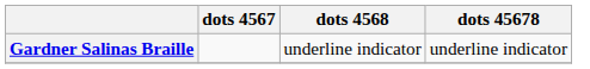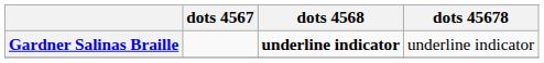 <table class="wikitable">
 <tr>
 <th></th>
 <th>dots 4567</th>
 <th>dots 4568</th>
 <th>dots 45678</th>
 </tr>
 <tr>
 <th align=left><a href='#'>Gardner Salinas Braille</a></th>
 <td></td>
-<td>underline indicator</td>
+<td><strong>underline indicator</strong></td>
 <td>underline indicator</td>
 </tr>
 <tr>
 </tr>
 <tr>
 </tr>
 </table>
